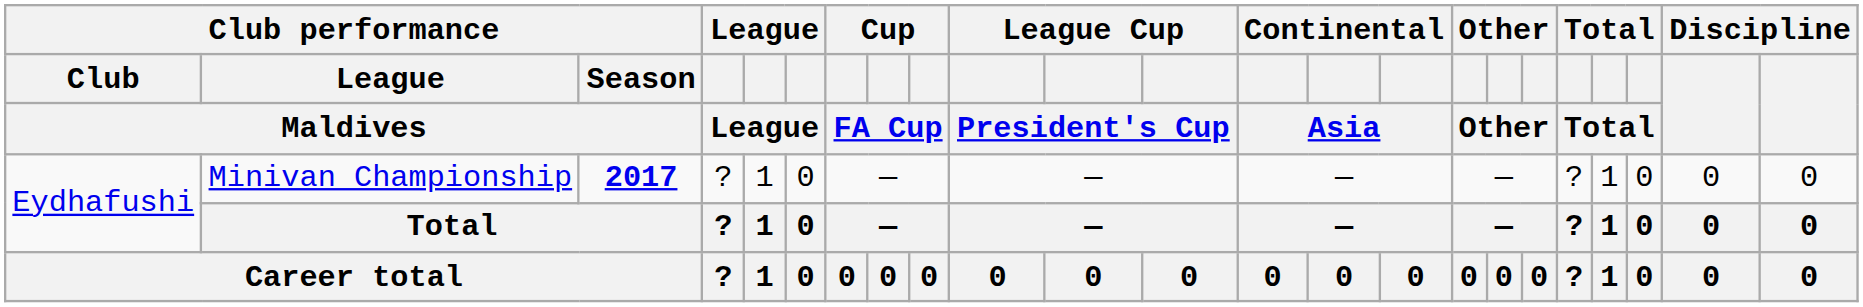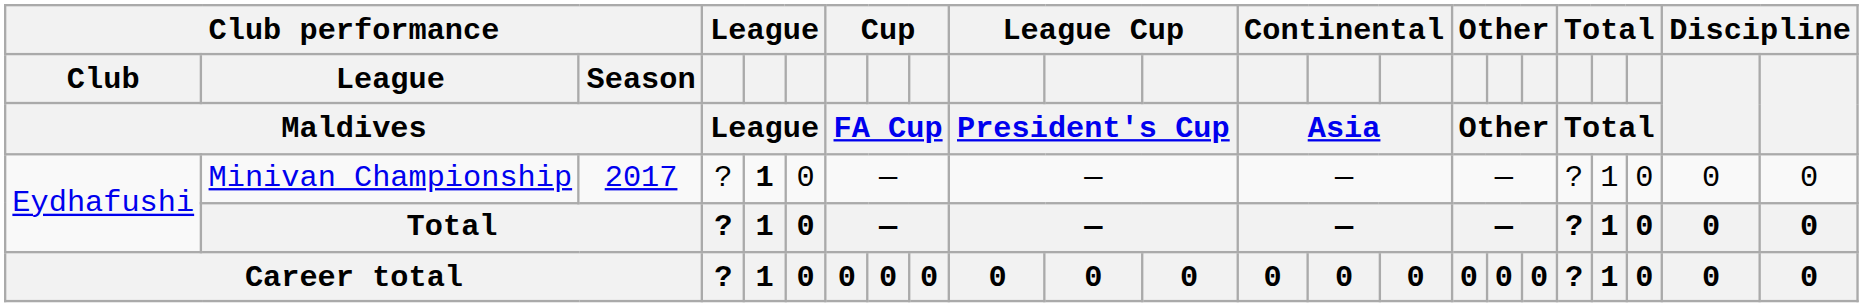 <table class="wikitable" style="text-align: center">
 <tr>
 <th Colspan="3">Club performance</th>
 <th Colspan="3">League</th>
 <th Colspan="3">Cup</th>
 <th Colspan="3">League Cup</th>
 <th Colspan="3">Continental</th>
 <th Colspan="3">Other</th>
 <th Colspan="3">Total</th>
 <th Colspan=2>Discipline</th>
 </tr>
 <tr>
 <th>Club</th>
 <th>League</th>
 <th>Season</th>
 <th></th>
 <th></th>
 <th></th>
 <th></th>
 <th></th>
 <th></th>
 <th></th>
 <th></th>
 <th></th>
 <th></th>
 <th></th>
 <th></th>
 <th></th>
 <th></th>
 <th></th>
 <th></th>
 <th></th>
 <th></th>
 <th rowspan="2"></th>
 <th rowspan="2"></th>
 </tr>
 <tr>
 <th Colspan="3">Maldives</th>
 <th Colspan="3">League</th>
 <th Colspan="3"><a href='#'>FA Cup</a></th>
 <th Colspan="3"><a href='#'>President's Cup</a></th>
 <th Colspan="3"><a href='#'>Asia</a></th>
 <th Colspan="3">Other</th>
 <th Colspan="3">Total</th>
 </tr>
 <tr>
 <td rowspan="2"><a href='#'>Eydhafushi</a></td>
 <td><a href='#'>Minivan Championship</a></td>
-<td><strong><a href='#'>2017</a></strong></td>
+<td><a href='#'>2017</a></td>
 <td>?</td>
-<td>1</td>
+<td><strong>1</strong></td>
 <td>0</td>
 <td colspan=3>—</td>
 <td colspan=3>—</td>
 <td colspan=3>—</td>
 <td colspan=3>—</td>
 <td>?</td>
 <td>1</td>
 <td>0</td>
 <td>0</td>
 <td>0</td>
 </tr>
 <tr>
 <th colspan="2">Total</th>
 <th>?</th>
 <th>1</th>
 <th>0</th>
 <th colspan=3>—</th>
 <th colspan=3>—</th>
 <th colspan=3>—</th>
 <th colspan=3>—</th>
 <th>?</th>
 <th>1</th>
 <th>0</th>
 <th>0</th>
 <th>0</th>
 </tr>
 <tr>
 <th Colspan="3">Career total</th>
 <th>?</th>
 <th>1</th>
 <th>0</th>
 <th>0</th>
 <th>0</th>
 <th>0</th>
 <th>0</th>
 <th>0</th>
 <th>0</th>
 <th>0</th>
 <th>0</th>
 <th>0</th>
 <th>0</th>
 <th>0</th>
 <th>0</th>
 <th>?</th>
 <th>1</th>
 <th>0</th>
 <th>0</th>
 <th>0</th>
 </tr>
 </table>
